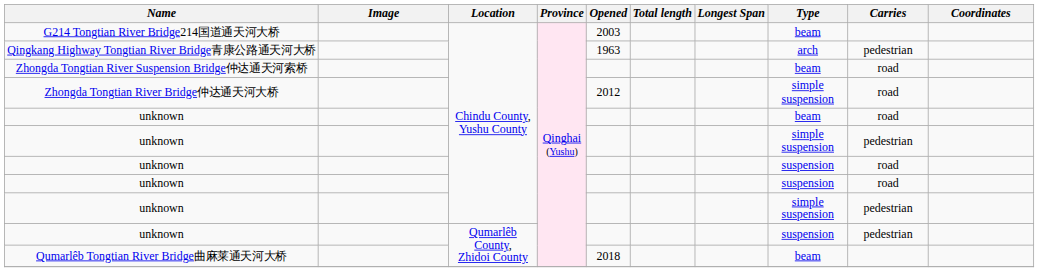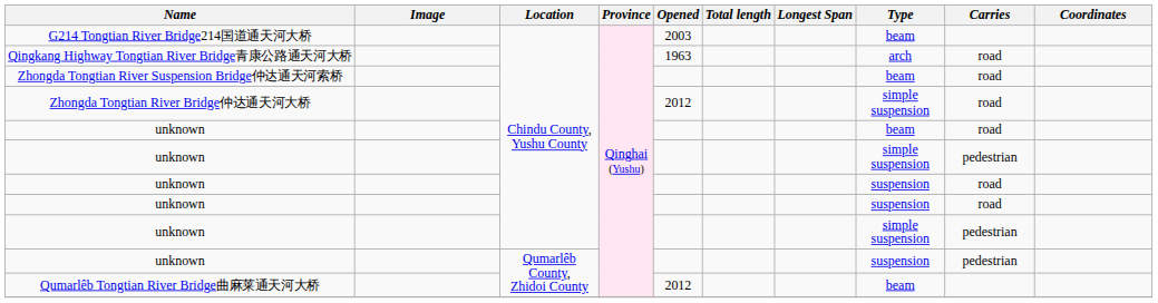 <table class="wikitable sortable" style="cell-padding:1.5; font-size:90%; text-align:center; line-height:1.05">
 <tr>
 <th><em>Name</em></th>
 <th class="unsortable" scope="col" style="width:150px;"><em>Image</em></th>
 <th +"align=bottom" width="100"><em>Location</em></th>
 <th +"align=bottom"><em>Province</em></th>
 <th +"align=bottom" data-sort-type="number"><em>Opened</em></th>
 <th data-sort-type="number"><em>Total length</em></th>
 <th data-sort-type="number"><em>Longest Span</em></th>
 <th width="90"><em>Type</em></th>
 <th +"align=bottom" class="unsortable" style="width:90px"><em>Carries</em></th>
 <th scope="col" style="width:120px;"><em>Coordinates</em></th>
 </tr>
 <tr>
 <td><a href='#'>G214 Tongtian River Bridge</a>214国道通天河大桥</td>
 <td></td>
 <td rowspan="9"><a href='#'>Chindu County</a>,<br><a href='#'>Yushu County</a></td>
 <td style="background:#FFE6F2" rowspan=11><a href='#'>Qinghai</a><br><small>(<a href='#'>Yushu</a>)</small></td>
 <td>2003</td>
 <td></td>
 <td></td>
 <td><a href='#'>beam</a></td>
 <td></td>
 <td></td>
 </tr>
 <tr>
 <td><a href='#'>Qingkang Highway Tongtian River Bridge</a>青康公路通天河大桥</td>
 <td></td>
 <td>1963</td>
 <td></td>
 <td></td>
 <td><a href='#'>arch</a></td>
-<td>pedestrian</td>
+<td>road</td>
 <td></td>
 </tr>
 <tr>
 <td><a href='#'>Zhongda Tongtian River Suspension Bridge</a>仲达通天河索桥</td>
 <td></td>
 <td></td>
 <td></td>
 <td></td>
 <td><a href='#'>beam</a></td>
 <td>road</td>
 <td></td>
 </tr>
 <tr>
 <td><a href='#'>Zhongda Tongtian River Bridge</a>仲达通天河大桥</td>
 <td></td>
 <td>2012</td>
 <td></td>
 <td></td>
 <td><a href='#'>simple suspension</a></td>
 <td>road</td>
 <td></td>
 </tr>
 <tr>
 <td>unknown</td>
 <td></td>
 <td></td>
 <td></td>
 <td></td>
 <td><a href='#'>beam</a></td>
 <td>road</td>
 <td></td>
 </tr>
 <tr>
 <td>unknown</td>
 <td></td>
 <td></td>
 <td></td>
 <td></td>
 <td><a href='#'>simple suspension</a></td>
 <td>pedestrian</td>
 <td></td>
 </tr>
 <tr>
 <td>unknown</td>
 <td></td>
 <td></td>
 <td></td>
 <td></td>
 <td><a href='#'>suspension</a></td>
 <td>road</td>
 <td></td>
 </tr>
 <tr>
 <td>unknown</td>
 <td></td>
 <td></td>
 <td></td>
 <td></td>
 <td><a href='#'>suspension</a></td>
 <td>road</td>
 <td></td>
 </tr>
 <tr>
 <td>unknown</td>
 <td></td>
 <td></td>
 <td></td>
 <td></td>
 <td><a href='#'>simple suspension</a></td>
 <td>pedestrian</td>
 <td></td>
 </tr>
 <tr>
 <td>unknown</td>
 <td></td>
 <td rowspan=2><a href='#'>Qumarlêb County</a>,<br><a href='#'>Zhidoi County</a></td>
 <td></td>
 <td></td>
 <td></td>
 <td><a href='#'>suspension</a></td>
 <td>pedestrian</td>
 <td></td>
 </tr>
 <tr>
 <td><a href='#'>Qumarlêb Tongtian River Bridge</a>曲麻莱通天河大桥</td>
 <td></td>
-<td>2018<br></td>
+<td>2012<br></td>
 <td></td>
 <td></td>
 <td><a href='#'>beam</a></td>
 <td></td>
 <td></td>
 </tr>
 <tr>
 </tr>
 </table>
